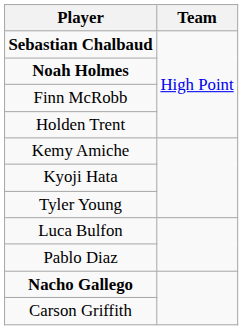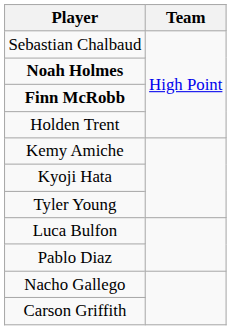 <table class="wikitable" style="text-align:center">
 <tr>
 <th>Player</th>
 <th>Team</th>
 </tr>
 <tr>
-<td><strong>Sebastian Chalbaud</strong></td>
+<td>Sebastian Chalbaud</td>
 <td rowspan=4><a href='#'>High Point</a></td>
 </tr>
 <tr>
 <td><strong>Noah Holmes</strong></td>
 </tr>
 <tr>
-<td>Finn McRobb</td>
+<td><strong>Finn McRobb</strong></td>
 </tr>
 <tr>
 <td>Holden Trent</td>
 </tr>
 <tr>
 <td>Kemy Amiche</td>
 <td rowspan=3></td>
 </tr>
 <tr>
 <td>Kyoji Hata</td>
 </tr>
 <tr>
 <td>Tyler Young</td>
 </tr>
 <tr>
 <td>Luca Bulfon</td>
 <td rowspan=2></td>
 </tr>
 <tr>
 <td>Pablo Diaz</td>
 </tr>
 <tr>
-<td><strong>Nacho Gallego</strong></td>
+<td>Nacho Gallego</td>
 <td rowspan=2></td>
 </tr>
 <tr>
 <td>Carson Griffith</td>
 </tr>
 </table>
